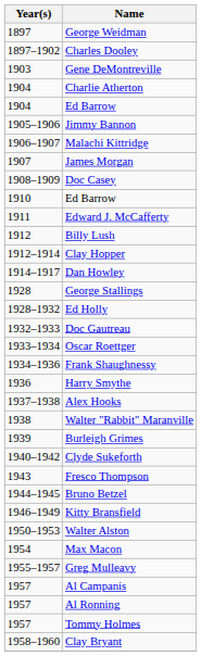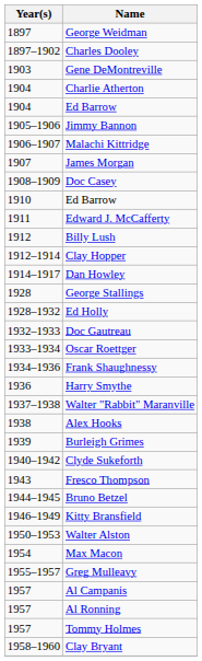 <table class="wikitable">
 <tr>
 <th>Year(s)</th>
 <th>Name</th>
 </tr>
 <tr>
 <td>1897</td>
 <td><a href='#'>George Weidman</a></td>
 </tr>
 <tr>
 <td>1897–1902</td>
 <td><a href='#'>Charles Dooley</a></td>
 </tr>
 <tr>
 <td>1903</td>
 <td><a href='#'>Gene DeMontreville</a></td>
 </tr>
 <tr>
 <td>1904</td>
 <td><a href='#'>Charlie Atherton</a></td>
 </tr>
 <tr>
 <td>1904</td>
 <td><a href='#'>Ed Barrow</a></td>
 </tr>
 <tr>
 <td>1905–1906</td>
 <td><a href='#'>Jimmy Bannon</a></td>
 </tr>
 <tr>
 <td>1906–1907</td>
 <td><a href='#'>Malachi Kittridge</a></td>
 </tr>
 <tr>
 <td>1907</td>
 <td><a href='#'>James Morgan</a></td>
 </tr>
 <tr>
 <td>1908–1909</td>
 <td><a href='#'>Doc Casey</a></td>
 </tr>
 <tr>
 <td>1910</td>
 <td>Ed Barrow</td>
 </tr>
 <tr>
 <td>1911</td>
 <td><a href='#'>Edward J. McCafferty</a></td>
 </tr>
 <tr>
 <td>1912</td>
 <td><a href='#'>Billy Lush</a></td>
 </tr>
 <tr>
 <td>1912–1914</td>
 <td><a href='#'>Clay Hopper</a></td>
 </tr>
 <tr>
 <td>1914–1917</td>
 <td><a href='#'>Dan Howley</a></td>
 </tr>
 <tr>
 <td>1928</td>
 <td><a href='#'>George Stallings</a></td>
 </tr>
 <tr>
 <td>1928–1932</td>
 <td><a href='#'>Ed Holly</a></td>
 </tr>
 <tr>
 <td>1932–1933</td>
 <td><a href='#'>Doc Gautreau</a></td>
 </tr>
 <tr>
 <td>1933–1934</td>
 <td><a href='#'>Oscar Roettger</a></td>
 </tr>
 <tr>
 <td>1934–1936</td>
 <td><a href='#'>Frank Shaughnessy</a></td>
 </tr>
 <tr>
 <td>1936</td>
 <td><a href='#'>Harry Smythe</a></td>
 </tr>
 <tr>
 <td>1937–1938</td>
-<td><a href='#'>Alex Hooks</a></td>
+<td><a href='#'>Walter "Rabbit" Maranville</a></td>
 </tr>
 <tr>
 <td>1938</td>
-<td><a href='#'>Walter "Rabbit" Maranville</a></td>
+<td><a href='#'>Alex Hooks</a></td>
 </tr>
 <tr>
 <td>1939</td>
 <td><a href='#'>Burleigh Grimes</a></td>
 </tr>
 <tr>
 <td>1940–1942</td>
 <td><a href='#'>Clyde Sukeforth</a></td>
 </tr>
 <tr>
 <td>1943</td>
 <td><a href='#'>Fresco Thompson</a></td>
 </tr>
 <tr>
 <td>1944–1945</td>
 <td><a href='#'>Bruno Betzel</a></td>
 </tr>
 <tr>
 <td>1946–1949</td>
 <td><a href='#'>Kitty Bransfield</a></td>
 </tr>
 <tr>
 <td>1950–1953</td>
 <td><a href='#'>Walter Alston</a></td>
 </tr>
 <tr>
 <td>1954</td>
 <td><a href='#'>Max Macon</a></td>
 </tr>
 <tr>
 <td>1955–1957</td>
 <td><a href='#'>Greg Mulleavy</a></td>
 </tr>
 <tr>
 <td>1957</td>
 <td><a href='#'>Al Campanis</a></td>
 </tr>
 <tr>
 <td>1957</td>
 <td><a href='#'>Al Ronning</a></td>
 </tr>
 <tr>
 <td>1957</td>
 <td><a href='#'>Tommy Holmes</a></td>
 </tr>
 <tr>
 <td>1958–1960</td>
 <td><a href='#'>Clay Bryant</a></td>
 </tr>
 <tr>
 </tr>
 </table>
